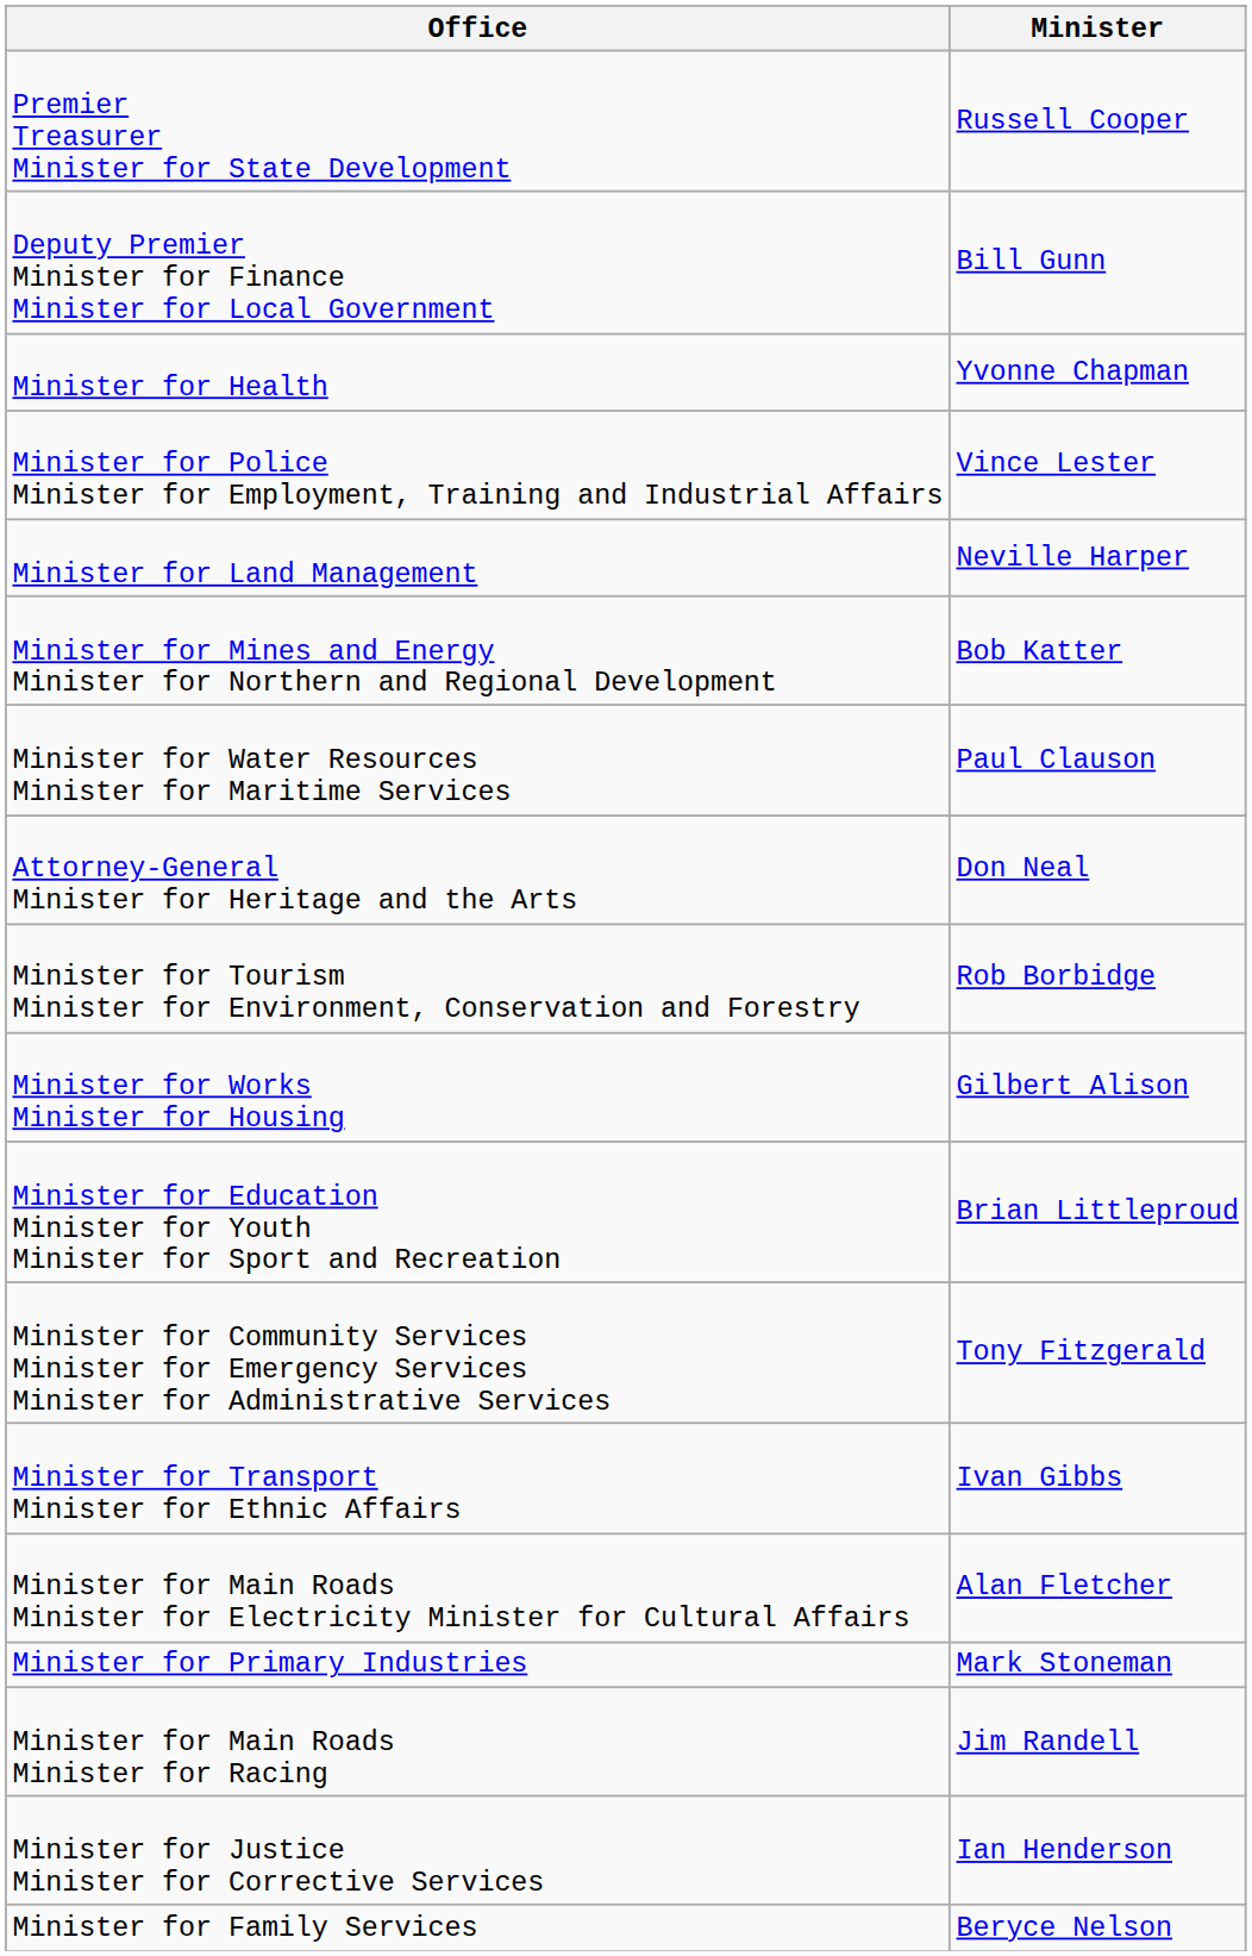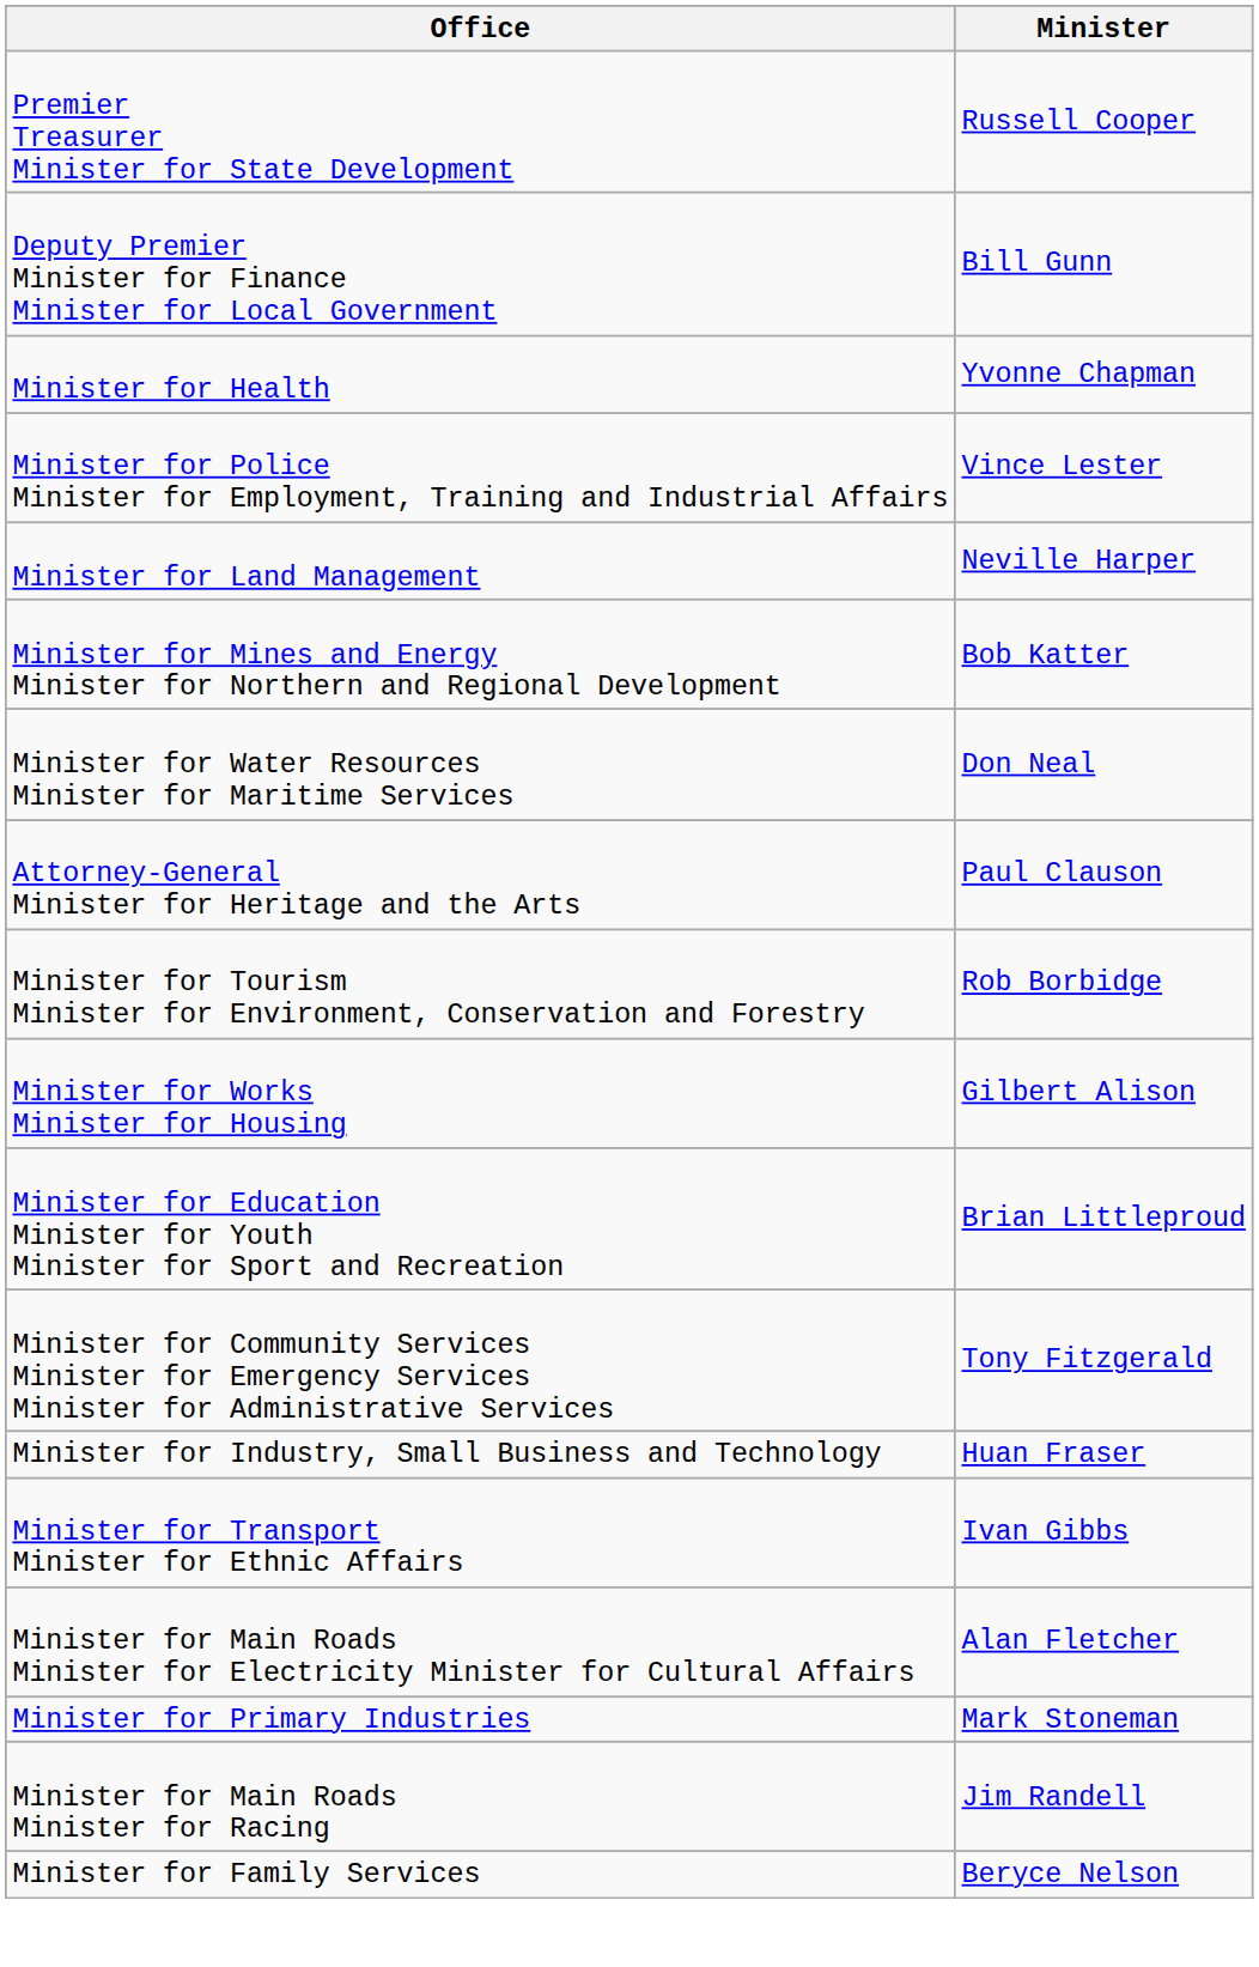 <table class="wikitable">
 <tr>
 <th>Office</th>
 <th>Minister</th>
 </tr>
 <tr>
 <td><br><a href='#'>Premier</a><br> <a href='#'>Treasurer</a><br> <a href='#'>Minister for State Development</a><br></td>
 <td><a href='#'>Russell Cooper</a></td>
 </tr>
 <tr>
 <td><br><a href='#'>Deputy Premier</a><br> Minister for Finance<br> <a href='#'>Minister for Local Government</a></td>
 <td><a href='#'>Bill Gunn</a></td>
 </tr>
 <tr>
 <td><br><a href='#'>Minister for Health</a><br></td>
 <td><a href='#'>Yvonne Chapman</a></td>
 </tr>
 <tr>
 <td><br><a href='#'>Minister for Police</a><br> Minister for Employment, Training and Industrial Affairs</td>
 <td><a href='#'>Vince Lester</a></td>
 </tr>
 <tr>
 <td><br><a href='#'>Minister for Land Management</a></td>
 <td><a href='#'>Neville Harper</a></td>
 </tr>
 <tr>
 <td><br><a href='#'>Minister for Mines and Energy</a><br> Minister for Northern and Regional Development</td>
 <td><a href='#'>Bob Katter</a></td>
 </tr>
 <tr>
 <td><br>Minister for Water Resources<br> Minister for Maritime Services</td>
-<td><a href='#'>Paul Clauson</a></td>
+<td><a href='#'>Don Neal</a></td>
 </tr>
 <tr>
 <td><br><a href='#'>Attorney-General</a><br> Minister for Heritage and the Arts</td>
-<td><a href='#'>Don Neal</a></td>
+<td><a href='#'>Paul Clauson</a></td>
 </tr>
 <tr>
 <td><br>Minister for Tourism<br> Minister for Environment, Conservation and Forestry</td>
 <td><a href='#'>Rob Borbidge</a></td>
 </tr>
 <tr>
 <td><br><a href='#'>Minister for Works</a><br> <a href='#'>Minister for Housing</a><br></td>
 <td><a href='#'>Gilbert Alison</a></td>
 </tr>
 <tr>
 <td><br><a href='#'>Minister for Education</a><br> Minister for Youth<br> Minister for Sport and Recreation</td>
 <td><a href='#'>Brian Littleproud</a></td>
 </tr>
 <tr>
 <td><br>Minister for Community Services<br> Minister for Emergency Services<br> Minister for Administrative Services</td>
 <td><a href='#'>Tony Fitzgerald</a></td>
 </tr>
 <tr>
+<td>Minister for Industry, Small Business and Technology</td>
+<td><a href='#'>Huan Fraser</a></td>
+</tr>
+<tr>
 <td><br><a href='#'>Minister for Transport</a><br> Minister for Ethnic Affairs</td>
 <td><a href='#'>Ivan Gibbs</a></td>
 </tr>
 <tr>
 <td><br>Minister for Main Roads<br> Minister for Electricity Minister for Cultural Affairs</td>
 <td><a href='#'>Alan Fletcher</a></td>
 </tr>
 <tr>
 <td><a href='#'>Minister for Primary Industries</a></td>
 <td><a href='#'>Mark Stoneman</a></td>
 </tr>
 <tr>
 <td><br>Minister for Main Roads<br> Minister for Racing</td>
 <td><a href='#'>Jim Randell</a></td>
 </tr>
 <tr>
-<td><br>Minister for Justice<br> Minister for Corrective Services</td>
-<td><a href='#'>Ian Henderson</a></td>
-</tr>
-<tr>
 <td>Minister for Family Services</td>
 <td><a href='#'>Beryce Nelson</a></td>
 </tr>
 </table>
